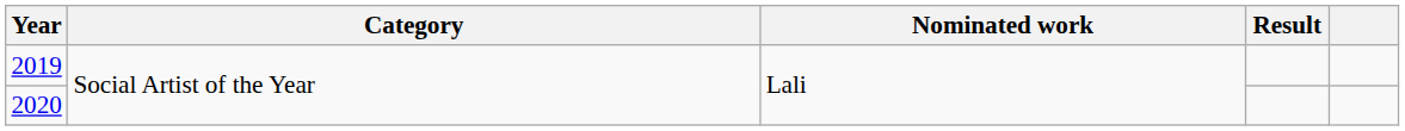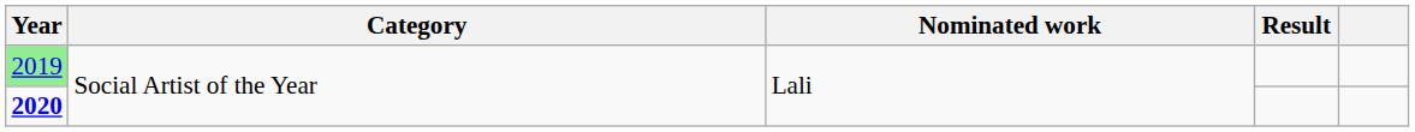 <table class="wikitable plainrowheaders" style="width:70%;">
 <tr>
 <th scope="col" style="width:4%;">Year</th>
 <th scope="col" style="width:50%;">Category</th>
 <th scope="col" style="width:35%;">Nominated work</th>
 <th scope="col" style="width:6%;">Result</th>
 <th scope="col" style="width:6%;"></th>
 </tr>
 <tr>
-<td align=center><a href='#'>2019</a></td>
+<td align=center style="background: lightgreen;"><a href='#'>2019</a></td>
 <td rowspan="2">Social Artist of the Year</td>
 <td rowspan="2">Lali</td>
 <td></td>
 <td align=center></td>
 </tr>
 <tr>
-<td align=center><a href='#'>2020</a></td>
+<td align=center><strong><a href='#'>2020</a></strong></td>
 <td></td>
 <td align=center></td>
 </tr>
 </table>
